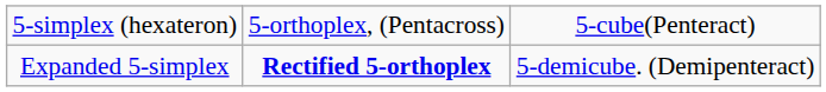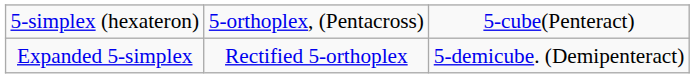 <table align=right class=wikitable>
 <tr align=center valign=top>
 <td><a href='#'>5-simplex</a> (hexateron)</td>
 <td><a href='#'>5-orthoplex</a>, (Pentacross)</td>
 <td><a href='#'>5-cube</a>(Penteract)</td>
 </tr>
 <tr align=center valign=top>
 <td><a href='#'>Expanded 5-simplex</a></td>
-<td><strong><a href='#'>Rectified 5-orthoplex</a></strong></td>
+<td><a href='#'>Rectified 5-orthoplex</a></td>
 <td><a href='#'>5-demicube</a>. (Demipenteract)</td>
 </tr>
 </table>
